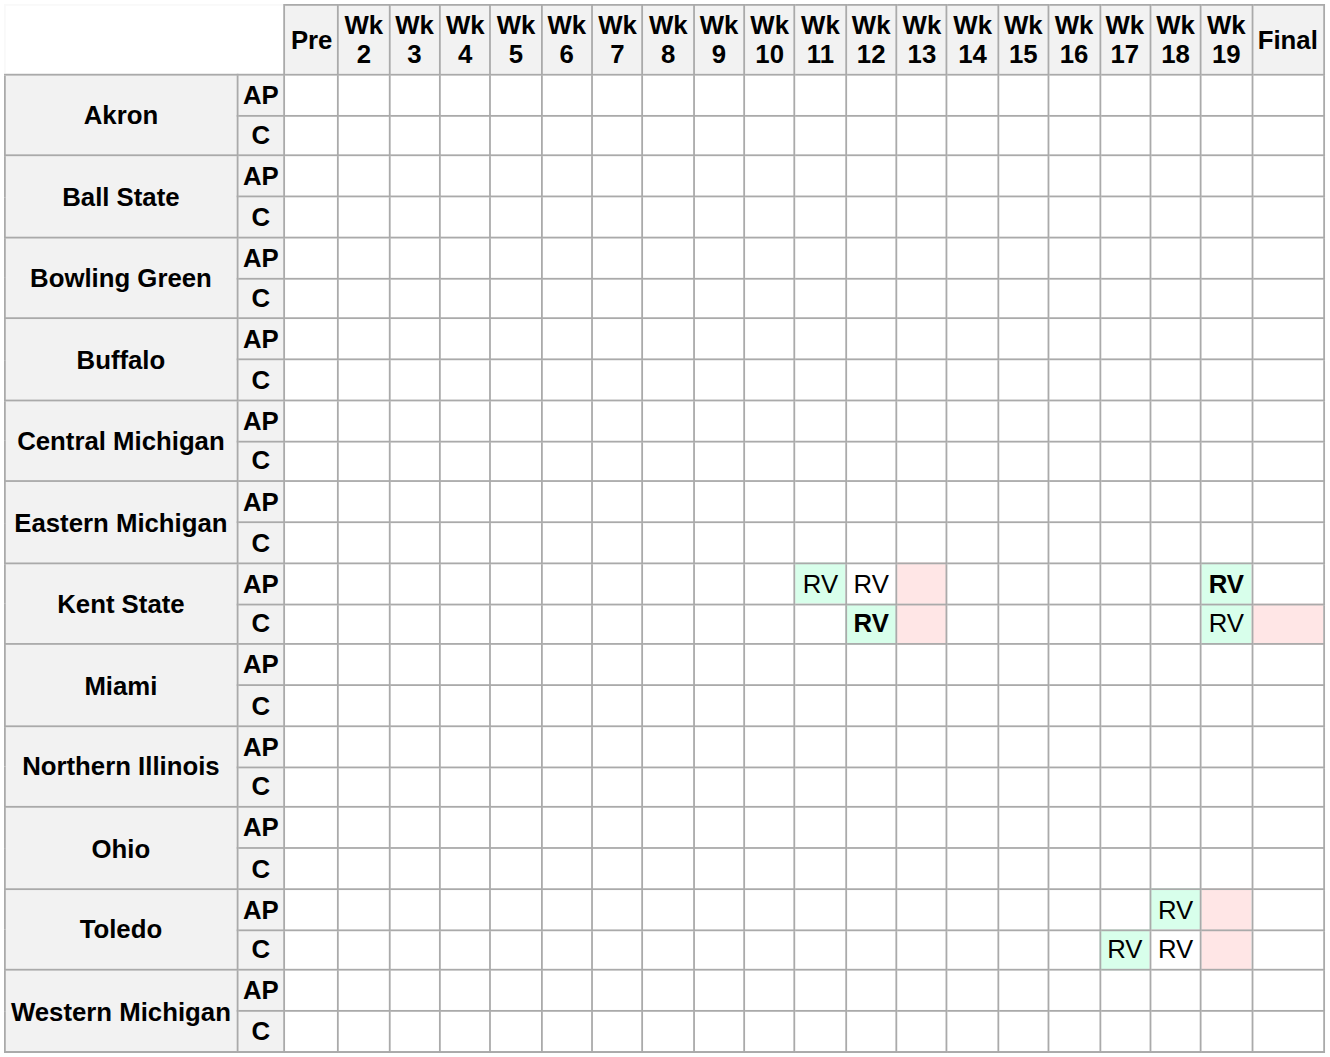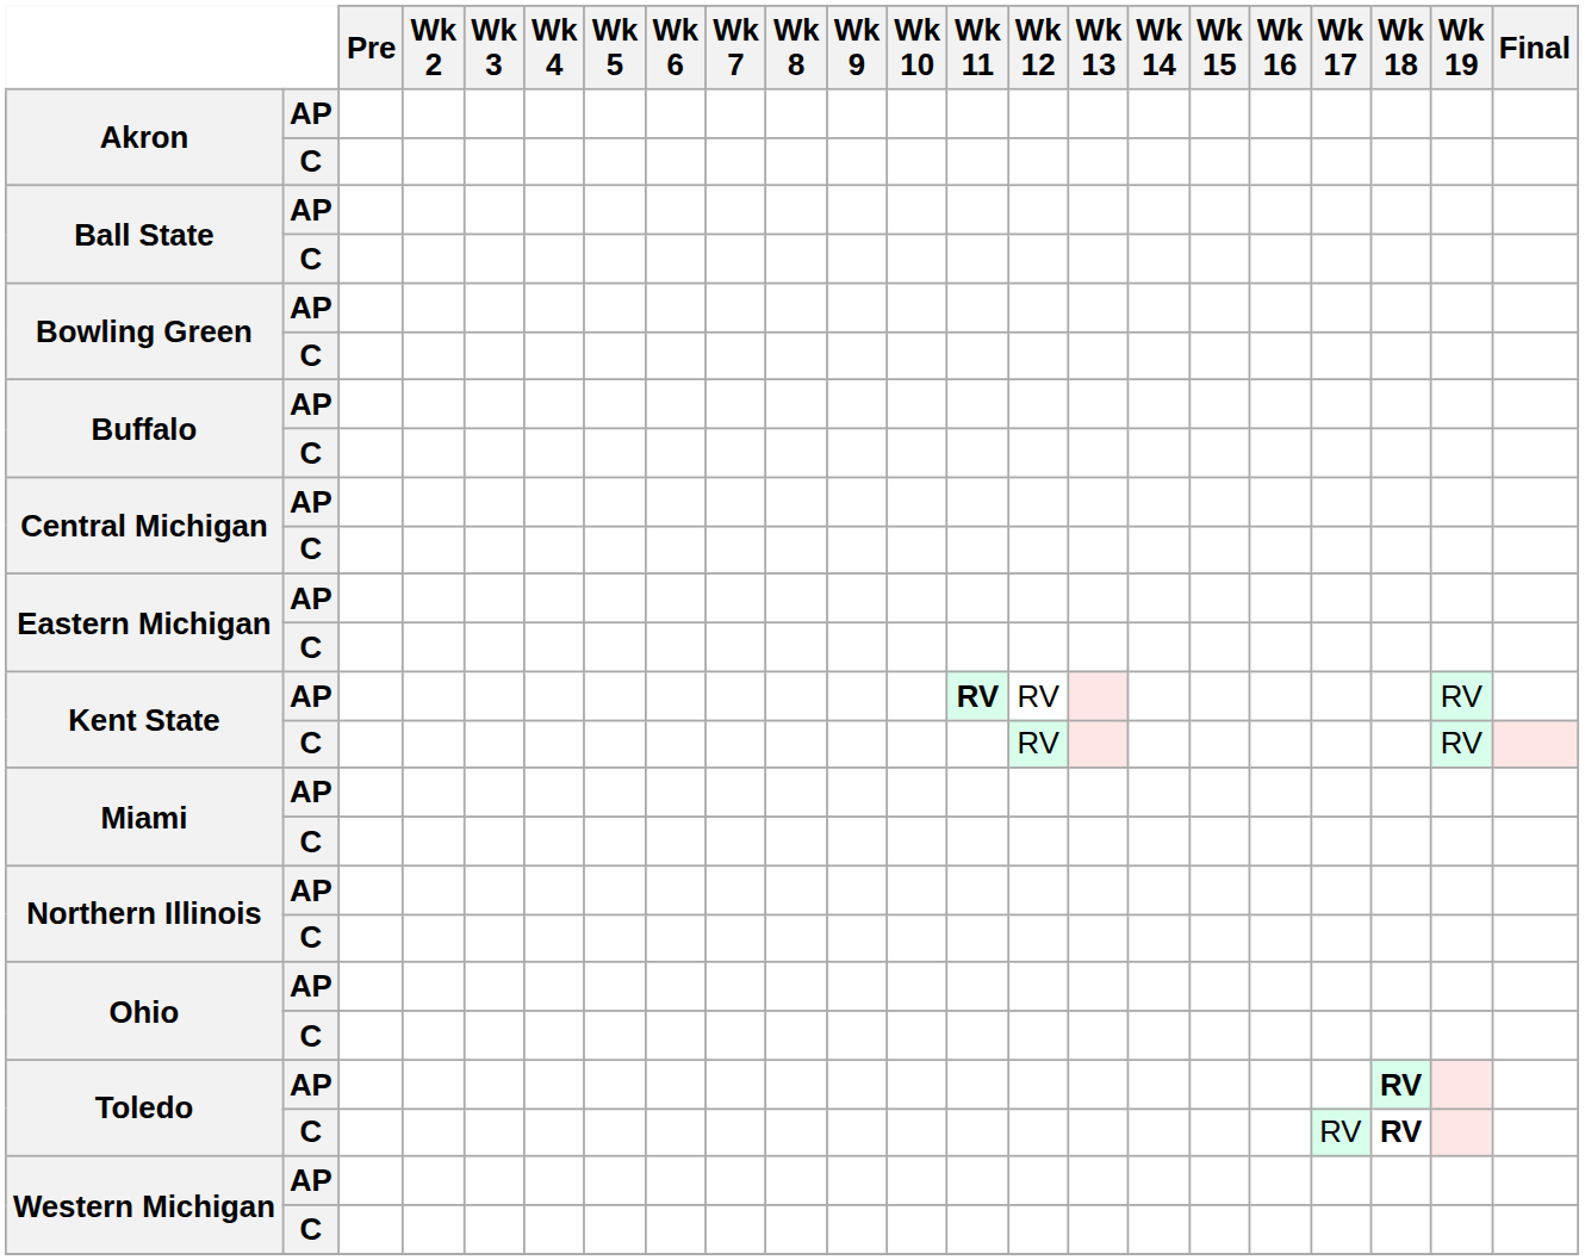 <table class="wikitable" style="white-space:nowrap;font-size:90%;">
 <tr>
 <th colspan=2 style="background:white; border-top-style:hidden; border-left-style:hidden;"> </th>
 <th>Pre</th>
 <th>Wk<br>2</th>
 <th>Wk<br>3</th>
 <th>Wk<br>4</th>
 <th>Wk<br>5</th>
 <th>Wk<br>6</th>
 <th>Wk<br>7</th>
 <th>Wk<br>8</th>
 <th>Wk<br>9</th>
 <th>Wk<br>10</th>
 <th>Wk<br>11</th>
 <th>Wk<br>12</th>
 <th>Wk<br>13</th>
 <th>Wk<br>14</th>
 <th>Wk<br>15</th>
 <th>Wk<br>16</th>
 <th>Wk<br>17</th>
 <th>Wk<br>18</th>
 <th>Wk<br>19</th>
 <th>Final</th>
 </tr>
 <tr style="text-align:center;">
 <th rowspan="2">Akron</th>
 <th>AP</th>
 <td style="background:#FFF;"></td>
 <td style="background:#FFF;"></td>
 <td style="background:#FFF;"></td>
 <td style="background:#FFF;"></td>
 <td style="background:#FFF;"></td>
 <td style="background:#FFF;"></td>
 <td style="background:#FFF;"></td>
 <td style="background:#FFF;"></td>
 <td style="background:#FFF;"></td>
 <td style="background:#FFF;"></td>
 <td style="background:#FFF;"></td>
 <td style="background:#FFF;"></td>
 <td style="background:#FFF;"></td>
 <td style="background:#FFF;"></td>
 <td style="background:#FFF;"></td>
 <td style="background:#FFF;"></td>
 <td style="background:#FFF;"></td>
 <td style="background:#FFF;"></td>
 <td style="background:#FFF;"></td>
 <td style="background:#FFF;"></td>
 </tr>
 <tr style="text-align:center;">
 <th>C</th>
 <td style="background:#FFF;"></td>
 <td style="background:#FFF;"></td>
 <td style="background:#FFF;"></td>
 <td style="background:#FFF;"></td>
 <td style="background:#FFF;"></td>
 <td style="background:#FFF;"></td>
 <td style="background:#FFF;"></td>
 <td style="background:#FFF;"></td>
 <td style="background:#FFF;"></td>
 <td style="background:#FFF;"></td>
 <td style="background:#FFF;"></td>
 <td style="background:#FFF;"></td>
 <td style="background:#FFF;"></td>
 <td style="background:#FFF;"></td>
 <td style="background:#FFF;"></td>
 <td style="background:#FFF;"></td>
 <td style="background:#FFF;"></td>
 <td style="background:#FFF;"></td>
 <td style="background:#FFF;"></td>
 <td style="background:#FFF;"></td>
 </tr>
 <tr style="text-align:center;">
 <th rowspan="2">Ball State</th>
 <th>AP</th>
 <td style="background:#FFF;"></td>
 <td style="background:#FFF;"></td>
 <td style="background:#FFF;"></td>
 <td style="background:#FFF;"></td>
 <td style="background:#FFF;"></td>
 <td style="background:#FFF;"></td>
 <td style="background:#FFF;"></td>
 <td style="background:#FFF;"></td>
 <td style="background:#FFF;"></td>
 <td style="background:#FFF;"></td>
 <td style="background:#FFF;"></td>
 <td style="background:#FFF;"></td>
 <td style="background:#FFF;"></td>
 <td style="background:#FFF;"></td>
 <td style="background:#FFF;"></td>
 <td style="background:#FFF;"></td>
 <td style="background:#FFF;"></td>
 <td style="background:#FFF;"></td>
 <td style="background:#FFF;"></td>
 <td style="background:#FFF;"></td>
 </tr>
 <tr style="text-align:center;">
 <th>C</th>
 <td style="background:#FFF;"></td>
 <td style="background:#FFF;"></td>
 <td style="background:#FFF;"></td>
 <td style="background:#FFF;"></td>
 <td style="background:#FFF;"></td>
 <td style="background:#FFF;"></td>
 <td style="background:#FFF;"></td>
 <td style="background:#FFF;"></td>
 <td style="background:#FFF;"></td>
 <td style="background:#FFF;"></td>
 <td style="background:#FFF;"></td>
 <td style="background:#FFF;"></td>
 <td style="background:#FFF;"></td>
 <td style="background:#FFF;"></td>
 <td style="background:#FFF;"></td>
 <td style="background:#FFF;"></td>
 <td style="background:#FFF;"></td>
 <td style="background:#FFF;"></td>
 <td style="background:#FFF;"></td>
 <td style="background:#FFF;"></td>
 </tr>
 <tr style="text-align:center;">
 <th rowspan="2">Bowling Green</th>
 <th>AP</th>
 <td style="background:#FFF;"></td>
 <td style="background:#FFF;"></td>
 <td style="background:#FFF;"></td>
 <td style="background:#FFF;"></td>
 <td style="background:#FFF;"></td>
 <td style="background:#FFF;"></td>
 <td style="background:#FFF;"></td>
 <td style="background:#FFF;"></td>
 <td style="background:#FFF;"></td>
 <td style="background:#FFF;"></td>
 <td style="background:#FFF;"></td>
 <td style="background:#FFF;"></td>
 <td style="background:#FFF;"></td>
 <td style="background:#FFF;"></td>
 <td style="background:#FFF;"></td>
 <td style="background:#FFF;"></td>
 <td style="background:#FFF;"></td>
 <td style="background:#FFF;"></td>
 <td style="background:#FFF;"></td>
 <td style="background:#FFF;"></td>
 </tr>
 <tr style="text-align:center;">
 <th>C</th>
 <td style="background:#FFF;"></td>
 <td style="background:#FFF;"></td>
 <td style="background:#FFF;"></td>
 <td style="background:#FFF;"></td>
 <td style="background:#FFF;"></td>
 <td style="background:#FFF;"></td>
 <td style="background:#FFF;"></td>
 <td style="background:#FFF;"></td>
 <td style="background:#FFF;"></td>
 <td style="background:#FFF;"></td>
 <td style="background:#FFF;"></td>
 <td style="background:#FFF;"></td>
 <td style="background:#FFF;"></td>
 <td style="background:#FFF;"></td>
 <td style="background:#FFF;"></td>
 <td style="background:#FFF;"></td>
 <td style="background:#FFF;"></td>
 <td style="background:#FFF;"></td>
 <td style="background:#FFF;"></td>
 <td style="background:#FFF;"></td>
 </tr>
 <tr style="text-align:center;">
 <th rowspan="2">Buffalo</th>
 <th>AP</th>
 <td style="background:#FFF;"></td>
 <td style="background:#FFF;"></td>
 <td style="background:#FFF;"></td>
 <td style="background:#FFF;"></td>
 <td style="background:#FFF;"></td>
 <td style="background:#FFF;"></td>
 <td style="background:#FFF;"></td>
 <td style="background:#FFF;"></td>
 <td style="background:#FFF;"></td>
 <td style="background:#FFF;"></td>
 <td style="background:#FFF;"></td>
 <td style="background:#FFF;"></td>
 <td style="background:#FFF;"></td>
 <td style="background:#FFF;"></td>
 <td style="background:#FFF;"></td>
 <td style="background:#FFF;"></td>
 <td style="background:#FFF;"></td>
 <td style="background:#FFF;"></td>
 <td style="background:#FFF;"></td>
 <td style="background:#FFF;"></td>
 </tr>
 <tr style="text-align:center;">
 <th>C</th>
 <td style="background:#FFF;"></td>
 <td style="background:#FFF;"></td>
 <td style="background:#FFF;"></td>
 <td style="background:#FFF;"></td>
 <td style="background:#FFF;"></td>
 <td style="background:#FFF;"></td>
 <td style="background:#FFF;"></td>
 <td style="background:#FFF;"></td>
 <td style="background:#FFF;"></td>
 <td style="background:#FFF;"></td>
 <td style="background:#FFF;"></td>
 <td style="background:#FFF;"></td>
 <td style="background:#FFF;"></td>
 <td style="background:#FFF;"></td>
 <td style="background:#FFF;"></td>
 <td style="background:#FFF;"></td>
 <td style="background:#FFF;"></td>
 <td style="background:#FFF;"></td>
 <td style="background:#FFF;"></td>
 <td style="background:#FFF;"></td>
 </tr>
 <tr style="text-align:center;">
 <th rowspan="2">Central Michigan</th>
 <th>AP</th>
 <td style="background:#FFF;"></td>
 <td style="background:#FFF;"></td>
 <td style="background:#FFF;"></td>
 <td style="background:#FFF;"></td>
 <td style="background:#FFF;"></td>
 <td style="background:#FFF;"></td>
 <td style="background:#FFF;"></td>
 <td style="background:#FFF;"></td>
 <td style="background:#FFF;"></td>
 <td style="background:#FFF;"></td>
 <td style="background:#FFF;"></td>
 <td style="background:#FFF;"></td>
 <td style="background:#FFF;"></td>
 <td style="background:#FFF;"></td>
 <td style="background:#FFF;"></td>
 <td style="background:#FFF;"></td>
 <td style="background:#FFF;"></td>
 <td style="background:#FFF;"></td>
 <td style="background:#FFF;"></td>
 <td style="background:#FFF;"></td>
 </tr>
 <tr style="text-align:center;">
 <th>C</th>
 <td style="background:#FFF;"></td>
 <td style="background:#FFF;"></td>
 <td style="background:#FFF;"></td>
 <td style="background:#FFF;"></td>
 <td style="background:#FFF;"></td>
 <td style="background:#FFF;"></td>
 <td style="background:#FFF;"></td>
 <td style="background:#FFF;"></td>
 <td style="background:#FFF;"></td>
 <td style="background:#FFF;"></td>
 <td style="background:#FFF;"></td>
 <td style="background:#FFF;"></td>
 <td style="background:#FFF;"></td>
 <td style="background:#FFF;"></td>
 <td style="background:#FFF;"></td>
 <td style="background:#FFF;"></td>
 <td style="background:#FFF;"></td>
 <td style="background:#FFF;"></td>
 <td style="background:#FFF;"></td>
 <td style="background:#FFF;"></td>
 </tr>
 <tr style="text-align:center;">
 <th rowspan="2">Eastern Michigan</th>
 <th>AP</th>
 <td style="background:#FFF;"></td>
 <td style="background:#FFF;"></td>
 <td style="background:#FFF;"></td>
 <td style="background:#FFF;"></td>
 <td style="background:#FFF;"></td>
 <td style="background:#FFF;"></td>
 <td style="background:#FFF;"></td>
 <td style="background:#FFF;"></td>
 <td style="background:#FFF;"></td>
 <td style="background:#FFF;"></td>
 <td style="background:#FFF;"></td>
 <td style="background:#FFF;"></td>
 <td style="background:#FFF;"></td>
 <td style="background:#FFF;"></td>
 <td style="background:#FFF;"></td>
 <td style="background:#FFF;"></td>
 <td style="background:#FFF;"></td>
 <td style="background:#FFF;"></td>
 <td style="background:#FFF;"></td>
 <td style="background:#FFF;"></td>
 </tr>
 <tr style="text-align:center;">
 <th>C</th>
 <td style="background:#FFF;"></td>
 <td style="background:#FFF;"></td>
 <td style="background:#FFF;"></td>
 <td style="background:#FFF;"></td>
 <td style="background:#FFF;"></td>
 <td style="background:#FFF;"></td>
 <td style="background:#FFF;"></td>
 <td style="background:#FFF;"></td>
 <td style="background:#FFF;"></td>
 <td style="background:#FFF;"></td>
 <td style="background:#FFF;"></td>
 <td style="background:#FFF;"></td>
 <td style="background:#FFF;"></td>
 <td style="background:#FFF;"></td>
 <td style="background:#FFF;"></td>
 <td style="background:#FFF;"></td>
 <td style="background:#FFF;"></td>
 <td style="background:#FFF;"></td>
 <td style="background:#FFF;"></td>
 <td style="background:#FFF;"></td>
 </tr>
 <tr style="text-align:center;">
 <th rowspan="2">Kent State</th>
 <th>AP</th>
 <td style="background:#FFF;"></td>
 <td style="background:#FFF;"></td>
 <td style="background:#FFF;"></td>
 <td style="background:#FFF;"></td>
 <td style="background:#FFF;"></td>
 <td style="background:#FFF;"></td>
 <td style="background:#FFF;"></td>
 <td style="background:#FFF;"></td>
 <td style="background:#FFF;"></td>
 <td style="background:#FFF;"></td>
-<td style="background:#d8ffeb;">RV</td>
+<td style="background:#d8ffeb;"><strong>RV</strong></td>
 <td style="background:#FFF;">RV</td>
 <td style="background:#ffe6e6;"></td>
 <td style="background:#FFF;"></td>
 <td style="background:#FFF;"></td>
 <td style="background:#FFF;"></td>
 <td style="background:#FFF;"></td>
 <td style="background:#FFF;"></td>
-<td style="background:#d8ffeb;"><strong>RV</strong></td>
+<td style="background:#d8ffeb;">RV</td>
 <td style="background:#FFF;"></td>
 </tr>
 <tr style="text-align:center;">
 <th>C</th>
 <td style="background:#FFF;"></td>
 <td style="background:#FFF;"></td>
 <td style="background:#FFF;"></td>
 <td style="background:#FFF;"></td>
 <td style="background:#FFF;"></td>
 <td style="background:#FFF;"></td>
 <td style="background:#FFF;"></td>
 <td style="background:#FFF;"></td>
 <td style="background:#FFF;"></td>
 <td style="background:#FFF;"></td>
 <td style="background:#FFF;"></td>
-<td style="background:#d8ffeb;"><strong>RV</strong></td>
+<td style="background:#d8ffeb;">RV</td>
 <td style="background:#ffe6e6;"></td>
 <td style="background:#FFF;"></td>
 <td style="background:#FFF;"></td>
 <td style="background:#FFF;"></td>
 <td style="background:#FFF;"></td>
 <td style="background:#FFF;"></td>
 <td style="background:#d8ffeb;">RV</td>
 <td style="background:#ffe6e6;"></td>
 </tr>
 <tr style="text-align:center;">
 <th rowspan="2">Miami</th>
 <th>AP</th>
 <td style="background:#FFF;"></td>
 <td style="background:#FFF;"></td>
 <td style="background:#FFF;"></td>
 <td style="background:#FFF;"></td>
 <td style="background:#FFF;"></td>
 <td style="background:#FFF;"></td>
 <td style="background:#FFF;"></td>
 <td style="background:#FFF;"></td>
 <td style="background:#FFF;"></td>
 <td style="background:#FFF;"></td>
 <td style="background:#FFF;"></td>
 <td style="background:#FFF;"></td>
 <td style="background:#FFF;"></td>
 <td style="background:#FFF;"></td>
 <td style="background:#FFF;"></td>
 <td style="background:#FFF;"></td>
 <td style="background:#FFF;"></td>
 <td style="background:#FFF;"></td>
 <td style="background:#FFF;"></td>
 <td style="background:#FFF;"></td>
 </tr>
 <tr style="text-align:center;">
 <th>C</th>
 <td style="background:#FFF;"></td>
 <td style="background:#FFF;"></td>
 <td style="background:#FFF;"></td>
 <td style="background:#FFF;"></td>
 <td style="background:#FFF;"></td>
 <td style="background:#FFF;"></td>
 <td style="background:#FFF;"></td>
 <td style="background:#FFF;"></td>
 <td style="background:#FFF;"></td>
 <td style="background:#FFF;"></td>
 <td style="background:#FFF;"></td>
 <td style="background:#FFF;"></td>
 <td style="background:#FFF;"></td>
 <td style="background:#FFF;"></td>
 <td style="background:#FFF;"></td>
 <td style="background:#FFF;"></td>
 <td style="background:#FFF;"></td>
 <td style="background:#FFF;"></td>
 <td style="background:#FFF;"></td>
 <td style="background:#FFF;"></td>
 </tr>
 <tr style="text-align:center;">
 <th rowspan="2">Northern Illinois</th>
 <th>AP</th>
 <td style="background:#FFF;"></td>
 <td style="background:#FFF;"></td>
 <td style="background:#FFF;"></td>
 <td style="background:#FFF;"></td>
 <td style="background:#FFF;"></td>
 <td style="background:#FFF;"></td>
 <td style="background:#FFF;"></td>
 <td style="background:#FFF;"></td>
 <td style="background:#FFF;"></td>
 <td style="background:#FFF;"></td>
 <td style="background:#FFF;"></td>
 <td style="background:#FFF;"></td>
 <td style="background:#FFF;"></td>
 <td style="background:#FFF;"></td>
 <td style="background:#FFF;"></td>
 <td style="background:#FFF;"></td>
 <td style="background:#FFF;"></td>
 <td style="background:#FFF;"></td>
 <td style="background:#FFF;"></td>
 <td style="background:#FFF;"></td>
 </tr>
 <tr style="text-align:center;">
 <th>C</th>
 <td style="background:#FFF;"></td>
 <td style="background:#FFF;"></td>
 <td style="background:#FFF;"></td>
 <td style="background:#FFF;"></td>
 <td style="background:#FFF;"></td>
 <td style="background:#FFF;"></td>
 <td style="background:#FFF;"></td>
 <td style="background:#FFF;"></td>
 <td style="background:#FFF;"></td>
 <td style="background:#FFF;"></td>
 <td style="background:#FFF;"></td>
 <td style="background:#FFF;"></td>
 <td style="background:#FFF;"></td>
 <td style="background:#FFF;"></td>
 <td style="background:#FFF;"></td>
 <td style="background:#FFF;"></td>
 <td style="background:#FFF;"></td>
 <td style="background:#FFF;"></td>
 <td style="background:#FFF;"></td>
 <td style="background:#FFF;"></td>
 </tr>
 <tr style="text-align:center;">
 <th rowspan="2">Ohio</th>
 <th>AP</th>
 <td style="background:#FFF;"></td>
 <td style="background:#FFF;"></td>
 <td style="background:#FFF;"></td>
 <td style="background:#FFF;"></td>
 <td style="background:#FFF;"></td>
 <td style="background:#FFF;"></td>
 <td style="background:#FFF;"></td>
 <td style="background:#FFF;"></td>
 <td style="background:#FFF;"></td>
 <td style="background:#FFF;"></td>
 <td style="background:#FFF;"></td>
 <td style="background:#FFF;"></td>
 <td style="background:#FFF;"></td>
 <td style="background:#FFF;"></td>
 <td style="background:#FFF;"></td>
 <td style="background:#FFF;"></td>
 <td style="background:#FFF;"></td>
 <td style="background:#FFF;"></td>
 <td style="background:#FFF;"></td>
 <td style="background:#FFF;"></td>
 </tr>
 <tr style="text-align:center;">
 <th>C</th>
 <td style="background:#FFF;"></td>
 <td style="background:#FFF;"></td>
 <td style="background:#FFF;"></td>
 <td style="background:#FFF;"></td>
 <td style="background:#FFF;"></td>
 <td style="background:#FFF;"></td>
 <td style="background:#FFF;"></td>
 <td style="background:#FFF;"></td>
 <td style="background:#FFF;"></td>
 <td style="background:#FFF;"></td>
 <td style="background:#FFF;"></td>
 <td style="background:#FFF;"></td>
 <td style="background:#FFF;"></td>
 <td style="background:#FFF;"></td>
 <td style="background:#FFF;"></td>
 <td style="background:#FFF;"></td>
 <td style="background:#FFF;"></td>
 <td style="background:#FFF;"></td>
 <td style="background:#FFF;"></td>
 <td style="background:#FFF;"></td>
 </tr>
 <tr style="text-align:center;">
 <th rowspan="2">Toledo</th>
 <th>AP</th>
 <td style="background:#FFF;"></td>
 <td style="background:#FFF;"></td>
 <td style="background:#FFF;"></td>
 <td style="background:#FFF;"></td>
 <td style="background:#FFF;"></td>
 <td style="background:#FFF;"></td>
 <td style="background:#FFF;"></td>
 <td style="background:#FFF;"></td>
 <td style="background:#FFF;"></td>
 <td style="background:#FFF;"></td>
 <td style="background:#FFF;"></td>
 <td style="background:#FFF;"></td>
 <td style="background:#FFF;"></td>
 <td style="background:#FFF;"></td>
 <td style="background:#FFF;"></td>
 <td style="background:#FFF;"></td>
 <td style="background:#FFF;"></td>
-<td style="background:#d8ffeb;">RV</td>
+<td style="background:#d8ffeb;"><strong>RV</strong></td>
 <td style="background:#ffe6e6;"></td>
 <td style="background:#FFF;"></td>
 </tr>
 <tr style="text-align:center;">
 <th>C</th>
 <td style="background:#FFF;"></td>
 <td style="background:#FFF;"></td>
 <td style="background:#FFF;"></td>
 <td style="background:#FFF;"></td>
 <td style="background:#FFF;"></td>
 <td style="background:#FFF;"></td>
 <td style="background:#FFF;"></td>
 <td style="background:#FFF;"></td>
 <td style="background:#FFF;"></td>
 <td style="background:#FFF;"></td>
 <td style="background:#FFF;"></td>
 <td style="background:#FFF;"></td>
 <td style="background:#FFF;"></td>
 <td style="background:#FFF;"></td>
 <td style="background:#FFF;"></td>
 <td style="background:#FFF;"></td>
 <td style="background:#d8ffeb;">RV</td>
-<td style="background:#FFF;">RV</td>
+<td style="background:#FFF;"><strong>RV</strong></td>
 <td style="background:#ffe6e6;"></td>
 <td style="background:#FFF;"></td>
 </tr>
 <tr style="text-align:center;">
 <th rowspan="2">Western Michigan</th>
 <th>AP</th>
 <td style="background:#FFF;"></td>
 <td style="background:#FFF;"></td>
 <td style="background:#FFF;"></td>
 <td style="background:#FFF;"></td>
 <td style="background:#FFF;"></td>
 <td style="background:#FFF;"></td>
 <td style="background:#FFF;"></td>
 <td style="background:#FFF;"></td>
 <td style="background:#FFF;"></td>
 <td style="background:#FFF;"></td>
 <td style="background:#FFF;"></td>
 <td style="background:#FFF;"></td>
 <td style="background:#FFF;"></td>
 <td style="background:#FFF;"></td>
 <td style="background:#FFF;"></td>
 <td style="background:#FFF;"></td>
 <td style="background:#FFF;"></td>
 <td style="background:#FFF;"></td>
 <td style="background:#FFF;"></td>
 <td style="background:#FFF;"></td>
 </tr>
 <tr style="text-align:center;">
 <th>C</th>
 <td style="background:#FFF;"></td>
 <td style="background:#FFF;"></td>
 <td style="background:#FFF;"></td>
 <td style="background:#FFF;"></td>
 <td style="background:#FFF;"></td>
 <td style="background:#FFF;"></td>
 <td style="background:#FFF;"></td>
 <td style="background:#FFF;"></td>
 <td style="background:#FFF;"></td>
 <td style="background:#FFF;"></td>
 <td style="background:#FFF;"></td>
 <td style="background:#FFF;"></td>
 <td style="background:#FFF;"></td>
 <td style="background:#FFF;"></td>
 <td style="background:#FFF;"></td>
 <td style="background:#FFF;"></td>
 <td style="background:#FFF;"></td>
 <td style="background:#FFF;"></td>
 <td style="background:#FFF;"></td>
 <td style="background:#FFF;"></td>
 </tr>
 <tr style="text-align:center;">
 </tr>
 </table>
